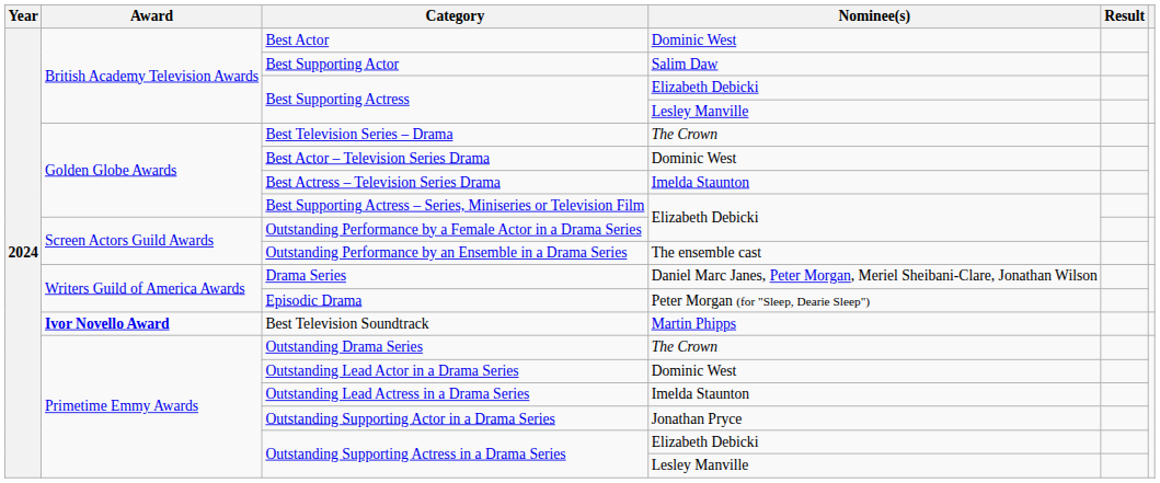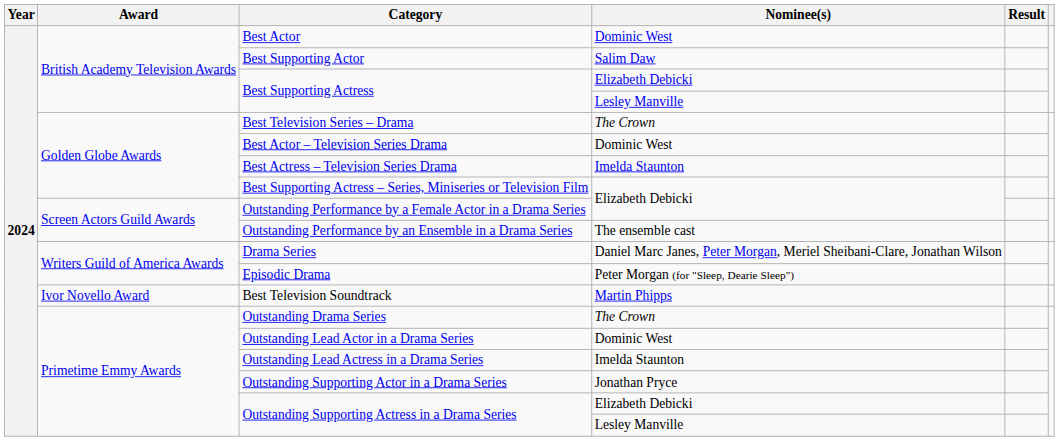 <table class="wikitable sortable plainrowheaders">
 <tr>
 <th scope="col" class="unsortable">Year</th>
 <th scope="col">Award</th>
 <th scope="col">Category</th>
 <th scope="col">Nominee(s)</th>
 <th scope="col">Result</th>
 <th scope="col" class="unsortable"></th>
 </tr>
 <tr>
 <th rowspan="19" scope="row">2024</th>
 <td rowspan="4"><a href='#'>British Academy Television Awards</a></td>
 <td><a href='#'>Best Actor</a></td>
 <td><a href='#'>Dominic West</a></td>
 <td></td>
 <td style="text-align:center" rowspan="4"></td>
 </tr>
 <tr>
 <td><a href='#'>Best Supporting Actor</a></td>
 <td><a href='#'>Salim Daw</a></td>
 <td></td>
 </tr>
 <tr>
 <td rowspan="2"><a href='#'>Best Supporting Actress</a></td>
 <td><a href='#'>Elizabeth Debicki</a></td>
 <td></td>
 </tr>
 <tr>
 <td><a href='#'>Lesley Manville</a></td>
 <td></td>
 </tr>
 <tr>
 <td rowspan="4"><a href='#'>Golden Globe Awards</a></td>
 <td><a href='#'>Best Television Series – Drama</a></td>
 <td><em>The Crown</em></td>
 <td></td>
 <td style="text-align:center" rowspan="4"></td>
 </tr>
 <tr>
 <td><a href='#'>Best Actor – Television Series Drama</a></td>
 <td>Dominic West</td>
 <td></td>
 </tr>
 <tr>
 <td><a href='#'>Best Actress – Television Series Drama</a></td>
 <td><a href='#'>Imelda Staunton</a></td>
 <td></td>
 </tr>
 <tr>
 <td><a href='#'>Best Supporting Actress – Series, Miniseries or Television Film</a></td>
 <td rowspan="2">Elizabeth Debicki</td>
 <td></td>
 </tr>
 <tr>
 <td rowspan="2"><a href='#'>Screen Actors Guild Awards</a></td>
 <td><a href='#'>Outstanding Performance by a Female Actor in a Drama Series</a></td>
 <td></td>
 <td style="text-align:center" rowspan="2"></td>
 </tr>
 <tr>
 <td><a href='#'>Outstanding Performance by an Ensemble in a Drama Series</a></td>
 <td>The ensemble cast</td>
 <td></td>
 </tr>
 <tr>
 <td rowspan="2"><a href='#'>Writers Guild of America Awards</a></td>
 <td><a href='#'>Drama Series</a></td>
 <td>Daniel Marc Janes, <a href='#'>Peter Morgan</a>, Meriel Sheibani-Clare, Jonathan Wilson</td>
 <td></td>
 <td style="text-align:center" rowspan="2"></td>
 </tr>
 <tr>
 <td><a href='#'>Episodic Drama</a></td>
 <td>Peter Morgan <small>(for "Sleep, Dearie Sleep")</small></td>
 <td></td>
 </tr>
 <tr>
-<td><strong><a href='#'>Ivor Novello Award</a></strong></td>
+<td><a href='#'>Ivor Novello Award</a></td>
 <td>Best Television Soundtrack</td>
 <td><a href='#'>Martin Phipps</a></td>
 <td></td>
 <td></td>
 </tr>
 <tr>
 <td rowspan="8"><a href='#'>Primetime Emmy Awards</a></td>
 <td><a href='#'>Outstanding Drama Series</a></td>
 <td><em>The Crown</em></td>
 <td></td>
 <td rowspan="8" style="text-align:center"></td>
 </tr>
 <tr>
 <td><a href='#'>Outstanding Lead Actor in a Drama Series</a></td>
 <td>Dominic West</td>
 <td></td>
 </tr>
 <tr>
 <td><a href='#'>Outstanding Lead Actress in a Drama Series</a></td>
 <td>Imelda Staunton</td>
 <td></td>
 </tr>
 <tr>
 <td><a href='#'>Outstanding Supporting Actor in a Drama Series</a></td>
 <td>Jonathan Pryce</td>
 <td></td>
 </tr>
 <tr>
 <td rowspan="2"><a href='#'>Outstanding Supporting Actress in a Drama Series</a></td>
 <td>Elizabeth Debicki</td>
 <td></td>
 </tr>
 <tr>
 <td>Lesley Manville</td>
 <td></td>
 </tr>
 </table>
